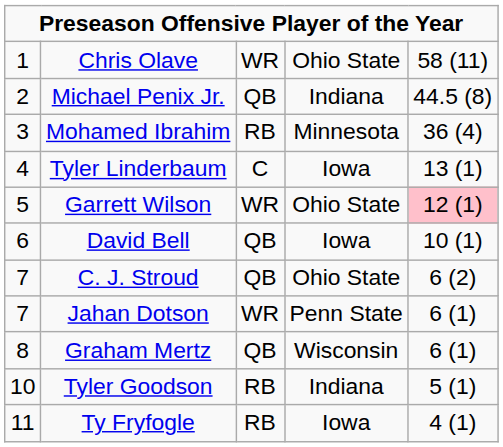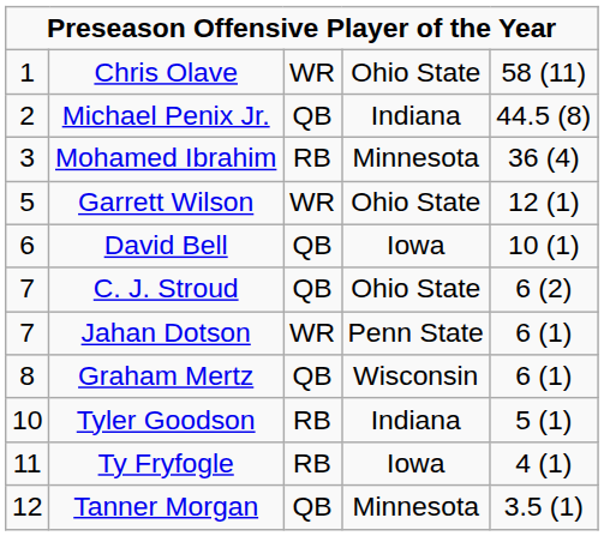 <table class="wikitable" style="display: inline-table;">
 <tr align="center">
 <td align="center" Colspan="5"><strong>Preseason Offensive Player of the Year</strong><br></td>
 </tr>
 <tr align="center">
 <td>1</td>
 <td><a href='#'>Chris Olave</a></td>
 <td>WR</td>
 <td>Ohio State</td>
 <td>58 (11)</td>
 </tr>
 <tr align="center">
 <td>2</td>
 <td><a href='#'>Michael Penix Jr.</a></td>
 <td>QB</td>
 <td>Indiana</td>
 <td>44.5 (8)</td>
 </tr>
 <tr align="center">
 <td>3</td>
 <td><a href='#'>Mohamed Ibrahim</a></td>
 <td>RB</td>
 <td>Minnesota</td>
 <td>36 (4)</td>
 </tr>
 <tr align="center">
-<td>4</td>
-<td><a href='#'>Tyler Linderbaum</a></td>
-<td>C</td>
-<td>Iowa</td>
-<td>13 (1)</td>
-</tr>
-<tr align="center">
 <td>5</td>
 <td><a href='#'>Garrett Wilson</a></td>
 <td>WR</td>
 <td>Ohio State</td>
-<td style="background: pink;">12 (1)</td>
+<td>12 (1)</td>
 </tr>
 <tr align="center">
 <td>6</td>
 <td><a href='#'>David Bell</a></td>
 <td>QB</td>
 <td>Iowa</td>
 <td>10 (1)</td>
 </tr>
 <tr align="center">
 <td>7</td>
 <td><a href='#'>C. J. Stroud</a></td>
 <td>QB</td>
 <td>Ohio State</td>
 <td>6 (2)</td>
 </tr>
 <tr align="center">
 <td>7</td>
 <td><a href='#'>Jahan Dotson</a></td>
 <td>WR</td>
 <td>Penn State</td>
 <td>6 (1)</td>
 </tr>
 <tr align="center">
 <td>8</td>
 <td><a href='#'>Graham Mertz</a></td>
 <td>QB</td>
 <td>Wisconsin</td>
 <td>6 (1)</td>
 </tr>
 <tr align="center">
 <td>10</td>
 <td><a href='#'>Tyler Goodson</a></td>
 <td>RB</td>
 <td>Indiana</td>
 <td>5 (1)</td>
 </tr>
 <tr align="center">
 <td>11</td>
 <td><a href='#'>Ty Fryfogle</a></td>
 <td>RB</td>
 <td>Iowa</td>
 <td>4 (1)</td>
 </tr>
+<tr align="center">
+<td>12</td>
+<td><a href='#'>Tanner Morgan</a></td>
+<td>QB</td>
+<td>Minnesota</td>
+<td>3.5 (1)</td>
+</tr>
 </table>
